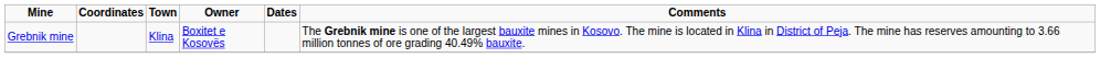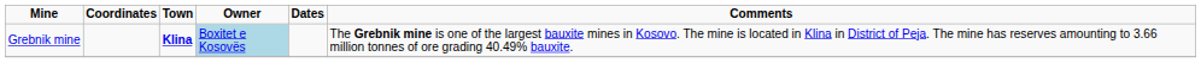 <table class="sortable wikitable">
 <tr align="center">
 <td><strong>Mine</strong></td>
 <td><strong>Coordinates</strong></td>
 <td><strong>Town</strong></td>
 <td><strong>Owner</strong></td>
 <td><strong>Dates</strong></td>
 <td><strong>Comments</strong></td>
 </tr>
 <tr>
 <td nowrap><a href='#'>Grebnik mine</a></td>
 <td></td>
-<td><a href='#'>Klina</a></td>
-<td><a href='#'>Boxitet e Kosovës</a></td>
+<td><strong><a href='#'>Klina</a></strong></td>
+<td style="background: lightblue;"><a href='#'>Boxitet e Kosovës</a></td>
 <td></td>
 <td>The <strong>Grebnik mine</strong> is one of the largest <a href='#'>bauxite</a> mines in <a href='#'>Kosovo</a>. The mine is located in <a href='#'>Klina</a> in <a href='#'>District of Peja</a>. The mine has reserves amounting to 3.66 million tonnes of ore grading 40.49% <a href='#'>bauxite</a>.</td>
 </tr>
 <tr>
 </tr>
 </table>
